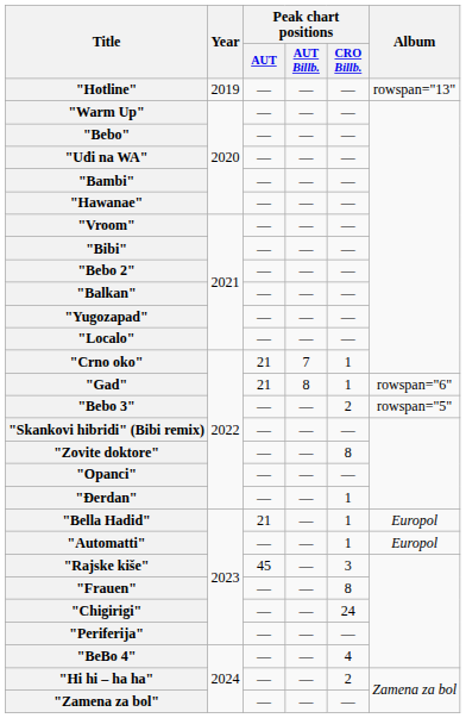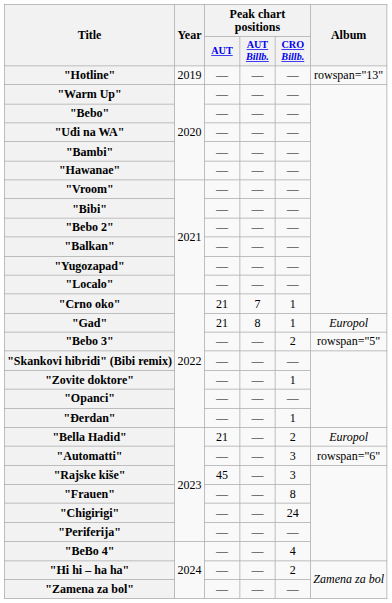 <table class="wikitable plainrowheaders" style="text-align:center;">
 <tr>
 <th scope="col" rowspan="2">Title</th>
 <th scope="col" rowspan="2">Year</th>
 <th scope="col" colspan="3">Peak chart positions</th>
 <th scope="col" rowspan="2">Album</th>
 </tr>
 <tr>
 <th scope="col" style="width:3em; font-size:85%;"><a href='#'>AUT</a><br></th>
 <th scope="col" style="width:3em; font-size:85%;"><a href='#'>AUT<br><em>Billb.</em></a><br></th>
 <th scope="col" style="width:3em; font-size:85%;"><a href='#'>CRO<br><em>Billb.</em></a><br></th>
 </tr>
 <tr>
 <th scope="row">"Hotline"</th>
 <td>2019</td>
 <td>—</td>
 <td>—</td>
 <td>—</td>
 <td>rowspan="13" </td>
 </tr>
 <tr>
 <th scope="row">"Warm Up"</th>
 <td rowspan="5">2020</td>
 <td>—</td>
 <td>—</td>
 <td>—</td>
 </tr>
 <tr>
 <th scope="row">"Bebo"</th>
 <td>—</td>
 <td>—</td>
 <td>—</td>
 </tr>
 <tr>
 <th scope="row">"Uđi na WA"</th>
 <td>—</td>
 <td>—</td>
 <td>—</td>
 </tr>
 <tr>
 <th scope="row">"Bambi"</th>
 <td>—</td>
 <td>—</td>
 <td>—</td>
 </tr>
 <tr>
 <th scope="row">"Hawanae"</th>
 <td>—</td>
 <td>—</td>
 <td>—</td>
 </tr>
 <tr>
 <th scope="row">"Vroom"</th>
 <td rowspan="6">2021</td>
 <td>—</td>
 <td>—</td>
 <td>—</td>
 </tr>
 <tr>
 <th scope="row">"Bibi"</th>
 <td>—</td>
 <td>—</td>
 <td>—</td>
 </tr>
 <tr>
 <th scope="row">"Bebo 2"</th>
 <td>—</td>
 <td>—</td>
 <td>—</td>
 </tr>
 <tr>
 <th scope="row">"Balkan"<br></th>
 <td>—</td>
 <td>—</td>
 <td>—</td>
 </tr>
 <tr>
 <th scope="row">"Yugozapad"</th>
 <td>—</td>
 <td>—</td>
 <td>—</td>
 </tr>
 <tr>
 <th scope="row">"Localo"</th>
 <td>—</td>
 <td>—</td>
 <td>—</td>
 </tr>
 <tr>
 <th scope="row">"Crno oko"</th>
 <td rowspan="7">2022</td>
 <td>21</td>
 <td>7</td>
 <td>1</td>
 </tr>
 <tr>
 <th scope="row">"Gad"<br></th>
 <td>21</td>
 <td>8</td>
 <td>1</td>
-<td>rowspan="6" </td>
+<td><em>Europol</em></td>
 </tr>
 <tr>
 <th scope="row">"Bebo 3"</th>
 <td>—</td>
 <td>—</td>
 <td>2</td>
 <td>rowspan="5" </td>
 </tr>
 <tr>
 <th scope="row">"Skankovi hibridi" (Bibi remix)<br></th>
 <td>—</td>
 <td>—</td>
 <td>—</td>
 </tr>
 <tr>
 <th scope="row">"Zovite doktore"<br></th>
 <td>—</td>
 <td>—</td>
-<td>8</td>
+<td>1</td>
 </tr>
 <tr>
 <th scope="row">"Opanci"</th>
 <td>—</td>
 <td>—</td>
 <td>—</td>
 </tr>
 <tr>
 <th scope="row">"Đerdan"<br></th>
 <td>—</td>
 <td>—</td>
 <td>1</td>
 </tr>
 <tr>
 <th scope="row">"Bella Hadid"<br></th>
 <td rowspan="6">2023</td>
 <td>21</td>
 <td>—</td>
-<td>1</td>
+<td>2</td>
 <td><em>Europol</em></td>
 </tr>
 <tr>
 <th scope="row">"Automatti"</th>
 <td>—</td>
 <td>—</td>
-<td>1</td>
-<td><em>Europol</em></td>
+<td>3</td>
+<td>rowspan="6" </td>
 </tr>
 <tr>
 <th scope="row">"Rajske kiše"</th>
 <td>45</td>
 <td>—</td>
 <td>3</td>
 </tr>
 <tr>
 <th scope="row">"Frauen"<br></th>
 <td>—</td>
 <td>—</td>
 <td>8</td>
 </tr>
 <tr>
 <th scope="row">"Chigirigi"</th>
 <td>—</td>
 <td>—</td>
 <td>24</td>
 </tr>
 <tr>
 <th scope="row">"Periferija"<br></th>
 <td>—</td>
 <td>—</td>
 <td>—</td>
 </tr>
 <tr>
 <th scope="row">"BeBo 4"</th>
 <td rowspan="3">2024</td>
 <td>—</td>
 <td>—</td>
 <td>4</td>
 </tr>
 <tr>
 <th scope="row">"Hi hi – ha ha"<br></th>
 <td>—</td>
 <td>—</td>
 <td>2</td>
 <td rowspan="2"><em>Zamena za bol</em></td>
 </tr>
 <tr>
 <th scope="row">"Zamena za bol"</th>
 <td>—</td>
 <td>—</td>
 <td>—</td>
 </tr>
 </table>
